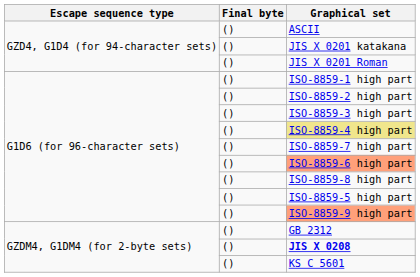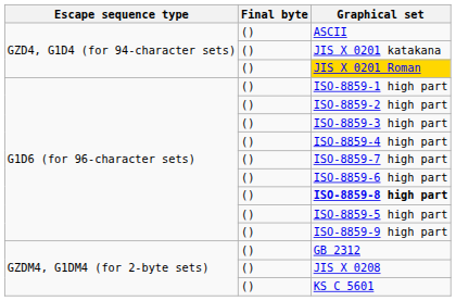 <table class="wikitable collapsible">
 <tr>
 <th>Escape sequence type</th>
 <th>Final byte</th>
 <th>Graphical set</th>
 </tr>
 <tr>
 <td rowspan=3>GZD4, G1D4 (for 94-character sets)</td>
 <td> ()</td>
 <td><a href='#'>ASCII</a></td>
 </tr>
 <tr>
 <td> ()</td>
 <td><a href='#'>JIS X 0201</a> katakana</td>
 </tr>
 <tr>
 <td> ()</td>
-<td><a href='#'>JIS X 0201 Roman</a></td>
+<td style="background: gold;"><a href='#'>JIS X 0201 Roman</a></td>
 </tr>
 <tr>
 <td rowspan=9>G1D6 (for 96-character sets)</td>
 <td> ()</td>
 <td><a href='#'>ISO-8859-1</a> high part</td>
 </tr>
 <tr>
 <td> ()</td>
 <td><a href='#'>ISO-8859-2</a> high part</td>
 </tr>
 <tr>
 <td> ()</td>
 <td><a href='#'>ISO-8859-3</a> high part</td>
 </tr>
 <tr>
 <td> ()</td>
-<td style="background: khaki;"><a href='#'>ISO-8859-4</a> high part</td>
+<td><a href='#'>ISO-8859-4</a> high part</td>
 </tr>
 <tr>
 <td> ()</td>
 <td><a href='#'>ISO-8859-7</a> high part</td>
 </tr>
 <tr>
 <td> ()</td>
-<td style="background: lightsalmon;"><a href='#'>ISO-8859-6</a> high part</td>
+<td><a href='#'>ISO-8859-6</a> high part</td>
 </tr>
 <tr>
 <td> ()</td>
-<td><a href='#'>ISO-8859-8</a> high part</td>
+<td><strong><a href='#'>ISO-8859-8</a> high part</strong></td>
 </tr>
 <tr>
 <td> ()</td>
 <td><a href='#'>ISO-8859-5</a> high part</td>
 </tr>
 <tr>
 <td> ()</td>
-<td style="background: lightsalmon;"><a href='#'>ISO-8859-9</a> high part</td>
+<td><a href='#'>ISO-8859-9</a> high part</td>
 </tr>
 <tr>
 <td rowspan=3>GZDM4, G1DM4 (for 2-byte sets)</td>
 <td> ()</td>
 <td><a href='#'>GB 2312</a></td>
 </tr>
 <tr>
 <td> ()</td>
-<td><strong><a href='#'>JIS X 0208</a></strong></td>
+<td><a href='#'>JIS X 0208</a></td>
 </tr>
 <tr>
 <td> ()</td>
 <td><a href='#'>KS C 5601</a></td>
 </tr>
 </table>
